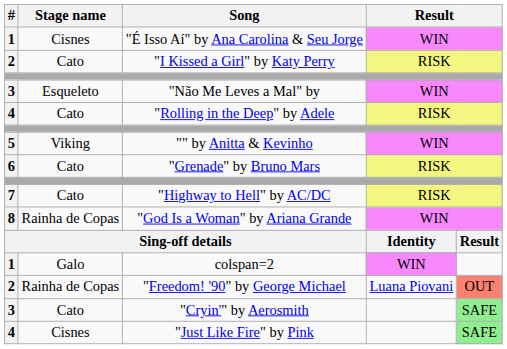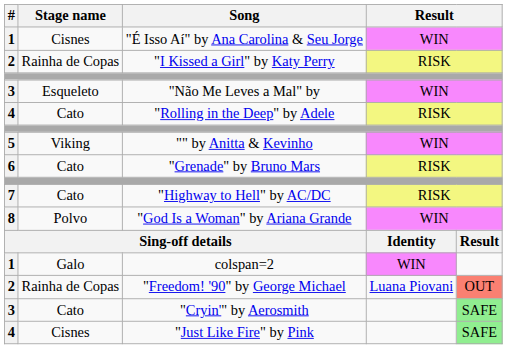 <table class="wikitable plainrowheaders" style="text-align: center;">
 <tr>
 <th>#</th>
 <th>Stage name</th>
 <th>Song</th>
 <th colspan=2>Result</th>
 </tr>
 <tr>
 <th>1</th>
 <td>Cisnes</td>
 <td>"É Isso Aí" by <a href='#'>Ana Carolina</a> & <a href='#'>Seu Jorge</a></td>
 <td colspan=2 bgcolor="#F888FD">WIN</td>
 </tr>
 <tr>
 <th>2</th>
-<td>Cato</td>
+<td>Rainha de Copas</td>
 <td>"<a href='#'>I Kissed a Girl</a>" by <a href='#'>Katy Perry</a></td>
 <td colspan=2 bgcolor="#F3F781">RISK</td>
 </tr>
 <tr>
 <td colspan="5" style="background:darkgray"></td>
 </tr>
 <tr>
 <th>3</th>
 <td>Esqueleto</td>
 <td>"Não Me Leves a Mal" by </td>
 <td colspan=2 bgcolor="#F888FD">WIN</td>
 </tr>
 <tr>
 <th>4</th>
 <td>Cato</td>
 <td>"<a href='#'>Rolling in the Deep</a>" by <a href='#'>Adele</a></td>
 <td colspan=2 bgcolor="#F3F781">RISK</td>
 </tr>
 <tr>
 <td colspan="5" style="background:darkgray"></td>
 </tr>
 <tr>
 <th>5</th>
 <td>Viking</td>
 <td>"" by <a href='#'>Anitta</a> & <a href='#'>Kevinho</a></td>
 <td colspan=2 bgcolor="#F888FD">WIN</td>
 </tr>
 <tr>
 <th>6</th>
 <td>Cato</td>
 <td>"<a href='#'>Grenade</a>" by <a href='#'>Bruno Mars</a></td>
 <td colspan=2 bgcolor="#F3F781">RISK</td>
 </tr>
 <tr>
 <td colspan="5" style="background:darkgray"></td>
 </tr>
 <tr>
 <th>7</th>
 <td>Cato</td>
 <td>"<a href='#'>Highway to Hell</a>" by <a href='#'>AC/DC</a></td>
 <td colspan=2 bgcolor="#F3F781">RISK</td>
 </tr>
 <tr>
 <th>8</th>
-<td>Rainha de Copas</td>
+<td>Polvo</td>
 <td>"<a href='#'>God Is a Woman</a>" by <a href='#'>Ariana Grande</a></td>
 <td colspan=2 bgcolor="#F888FD">WIN</td>
 </tr>
 <tr>
 <th colspan="3">Sing-off details</th>
 <th>Identity</th>
 <th>Result</th>
 </tr>
 <tr>
 <th>1</th>
 <td>Galo</td>
 <td>colspan=2 </td>
 <td bgcolor="F888FD">WIN</td>
 </tr>
 <tr>
 <th>2</th>
 <td>Rainha de Copas</td>
 <td>"<a href='#'>Freedom! '90</a>" by <a href='#'>George Michael</a></td>
 <td><a href='#'>Luana Piovani</a></td>
 <td bgcolor=salmon>OUT</td>
 </tr>
 <tr>
 <th>3</th>
 <td>Cato</td>
 <td>"<a href='#'>Cryin'</a>" by <a href='#'>Aerosmith</a></td>
 <td></td>
 <td bgcolor=lightgreen>SAFE</td>
 </tr>
 <tr>
 <th>4</th>
 <td>Cisnes</td>
 <td>"<a href='#'>Just Like Fire</a>" by <a href='#'>Pink</a></td>
 <td></td>
 <td bgcolor=lightgreen>SAFE</td>
 </tr>
 </table>
